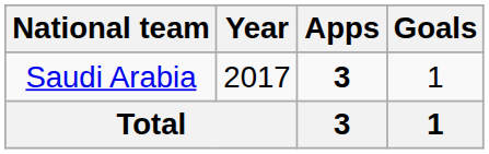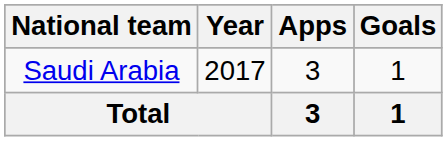 <table class=wikitable style="text-align: center;">
 <tr>
 <th>National team</th>
 <th>Year</th>
 <th>Apps</th>
 <th>Goals</th>
 </tr>
 <tr>
 <td rowspan=1><a href='#'>Saudi Arabia</a></td>
 <td>2017</td>
-<td><strong>3</strong></td>
+<td>3</td>
 <td>1</td>
 </tr>
 <tr>
 <th colspan=2>Total</th>
 <th>3</th>
 <th>1</th>
 </tr>
 </table>
